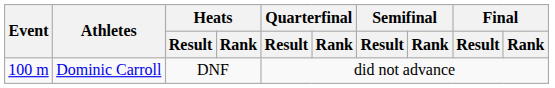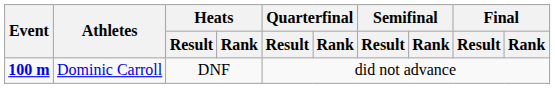 <table class="wikitable" border="1" style="font-size:90%">
 <tr>
 <th rowspan="2">Event</th>
 <th rowspan="2">Athletes</th>
 <th colspan="2">Heats</th>
 <th colspan="2">Quarterfinal</th>
 <th colspan="2">Semifinal</th>
 <th colspan="2">Final</th>
 </tr>
 <tr>
 <th>Result</th>
 <th>Rank</th>
 <th>Result</th>
 <th>Rank</th>
 <th>Result</th>
 <th>Rank</th>
 <th>Result</th>
 <th>Rank</th>
 </tr>
 <tr>
-<td><a href='#'>100 m</a></td>
+<td><strong><a href='#'>100 m</a></strong></td>
 <td><a href='#'>Dominic Carroll</a></td>
 <td align=center colspan=2>DNF</td>
 <td align=center colspan=6>did not advance</td>
 </tr>
 </table>
